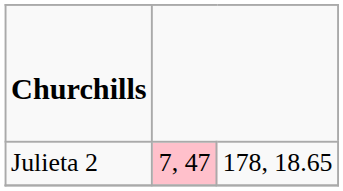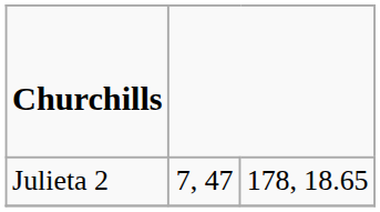 <table class="wikitable" style="font-size: 85%; margin:1em auto;">
 <tr>
 <td><br><h3>Churchills</h3></td>
 </tr>
 <tr>
 <td>Julieta 2</td>
-<td style="background: pink;">7, 47</td>
+<td>7, 47</td>
 <td>178, 18.65</td>
 </tr>
 <tr>
 </tr>
 </table>
